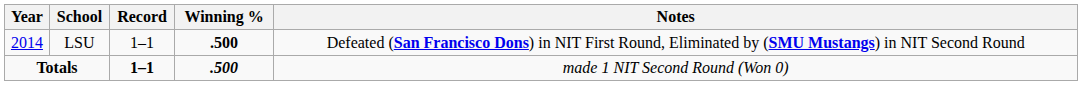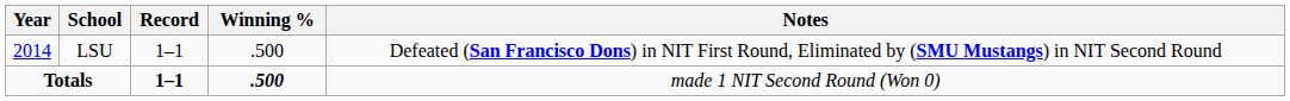 <table cellpadding="1" border="1" cellspacing="0" width="85%" class="wikitable">
 <tr>
 <th>Year</th>
 <th>School</th>
 <th>Record</th>
 <th>Winning %</th>
 <th>Notes</th>
 </tr>
 <tr align="center">
 <td><a href='#'>2014</a></td>
 <td>LSU</td>
 <td>1–1</td>
-<td><strong>.500</strong></td>
+<td>.500</td>
 <td>Defeated (<strong><a href='#'>San Francisco Dons</a></strong>) in NIT First Round, Eliminated by (<strong><a href='#'>SMU Mustangs</a></strong>) in NIT Second Round</td>
 </tr>
 <tr align="center">
 <td colspan="2"><strong>Totals</strong></td>
 <td><strong>1–1</strong></td>
 <td><strong><em>.500</em></strong></td>
 <td><em> made 1 NIT Second Round  (Won 0)</em></td>
 </tr>
 </table>
